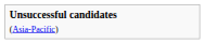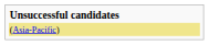 <table class="infobox" width="300px">
 <tr>
 <td><strong>Unsuccessful candidates</strong></td>
 </tr>
 <tr>
-<td> <small>(<a href='#'>Asia-Pacific</a>)</small></td>
+<td style="background: khaki;"> <small>(<a href='#'>Asia-Pacific</a>)</small></td>
 </tr>
 </table>
